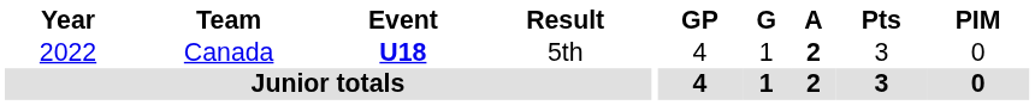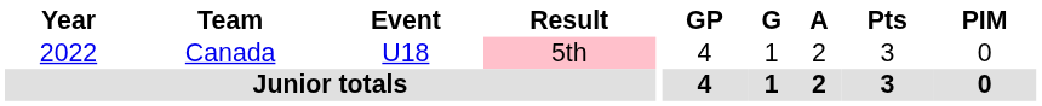 <table border="0" cellpadding="1" cellspacing="0" id="Table3" style="text-align:center; width:40em">
 <tr>
 <th>Year</th>
 <th>Team</th>
 <th>Event</th>
 <th>Result</th>
 <th rowspan="99" bgcolor="#ffffff"></th>
 <th>GP</th>
 <th>G</th>
 <th>A</th>
 <th>Pts</th>
 <th>PIM</th>
 </tr>
 <tr>
 <td><a href='#'>2022</a></td>
 <td><a href='#'>Canada</a></td>
-<td><strong><a href='#'>U18</a></strong></td>
-<td>5th</td>
+<td><a href='#'>U18</a></td>
+<td style="background: pink;">5th</td>
 <td>4</td>
 <td>1</td>
-<td><strong>2</strong></td>
+<td>2</td>
 <td>3</td>
 <td>0</td>
 </tr>
 <tr bgcolor="#e0e0e0">
 <th colspan="4">Junior totals</th>
 <th>4</th>
 <th>1</th>
 <th>2</th>
 <th>3</th>
 <th>0</th>
 </tr>
 </table>
